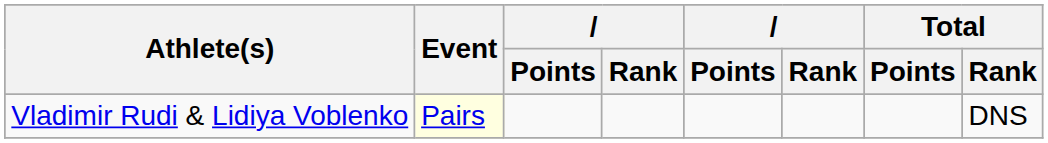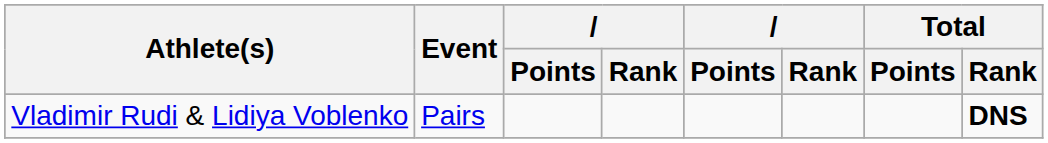 <table class="wikitable">
 <tr>
 <th rowspan="2">Athlete(s)</th>
 <th rowspan="2">Event</th>
 <th colspan="2">/</th>
 <th colspan="2">/</th>
 <th colspan="2">Total</th>
 </tr>
 <tr>
 <th>Points</th>
 <th>Rank</th>
 <th>Points</th>
 <th>Rank</th>
 <th>Points</th>
 <th>Rank</th>
 </tr>
 <tr>
 <td><a href='#'>Vladimir Rudi</a> & <a href='#'>Lidiya Voblenko</a></td>
-<td style="background: lightyellow;"><a href='#'>Pairs</a></td>
+<td><a href='#'>Pairs</a></td>
 <td></td>
 <td></td>
 <td></td>
 <td></td>
 <td></td>
-<td>DNS</td>
+<td><strong>DNS</strong></td>
 </tr>
 </table>
